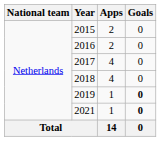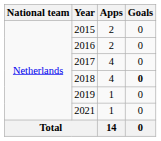 <table class=wikitable style=text-align:center>
 <tr>
 <th>National team</th>
 <th>Year</th>
 <th>Apps</th>
 <th>Goals</th>
 </tr>
 <tr>
 <td rowspan=6><a href='#'>Netherlands</a></td>
 <td>2015</td>
 <td>2</td>
 <td>0</td>
 </tr>
 <tr>
 <td>2016</td>
 <td>2</td>
 <td>0</td>
 </tr>
 <tr>
 <td>2017</td>
 <td>4</td>
 <td>0</td>
 </tr>
 <tr>
 <td>2018</td>
 <td>4</td>
-<td>0</td>
+<td><strong>0</strong></td>
 </tr>
 <tr>
 <td>2019</td>
 <td>1</td>
-<td><strong>0</strong></td>
+<td>0</td>
 </tr>
 <tr>
 <td>2021</td>
 <td>1</td>
-<td><strong>0</strong></td>
+<td>0</td>
 </tr>
 <tr>
 <th colspan=2>Total</th>
 <th>14</th>
 <th>0</th>
 </tr>
 </table>
